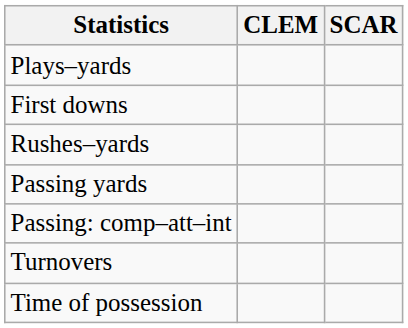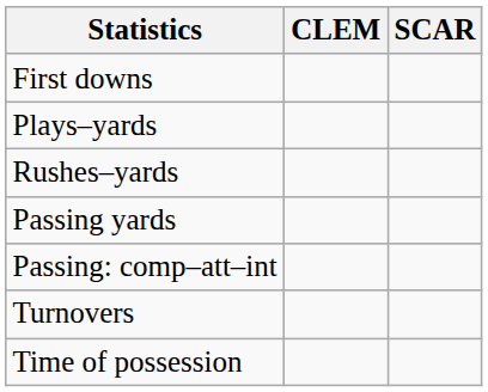 <table class="wikitable" style="float:left">
 <tr>
 <th>Statistics</th>
 <th>CLEM</th>
 <th>SCAR</th>
 </tr>
 <tr>
-<td>Plays–yards</td>
+<td>First downs</td>
 <td></td>
 <td></td>
 </tr>
 <tr>
-<td>First downs</td>
+<td>Plays–yards</td>
 <td></td>
 <td></td>
 </tr>
 <tr>
 <td>Rushes–yards</td>
 <td></td>
 <td></td>
 </tr>
 <tr>
 <td>Passing yards</td>
 <td></td>
 <td></td>
 </tr>
 <tr>
 <td>Passing: comp–att–int</td>
 <td></td>
 <td></td>
 </tr>
 <tr>
 <td>Turnovers</td>
 <td></td>
 <td></td>
 </tr>
 <tr>
 <td>Time of possession</td>
 <td></td>
 <td></td>
 </tr>
 </table>
